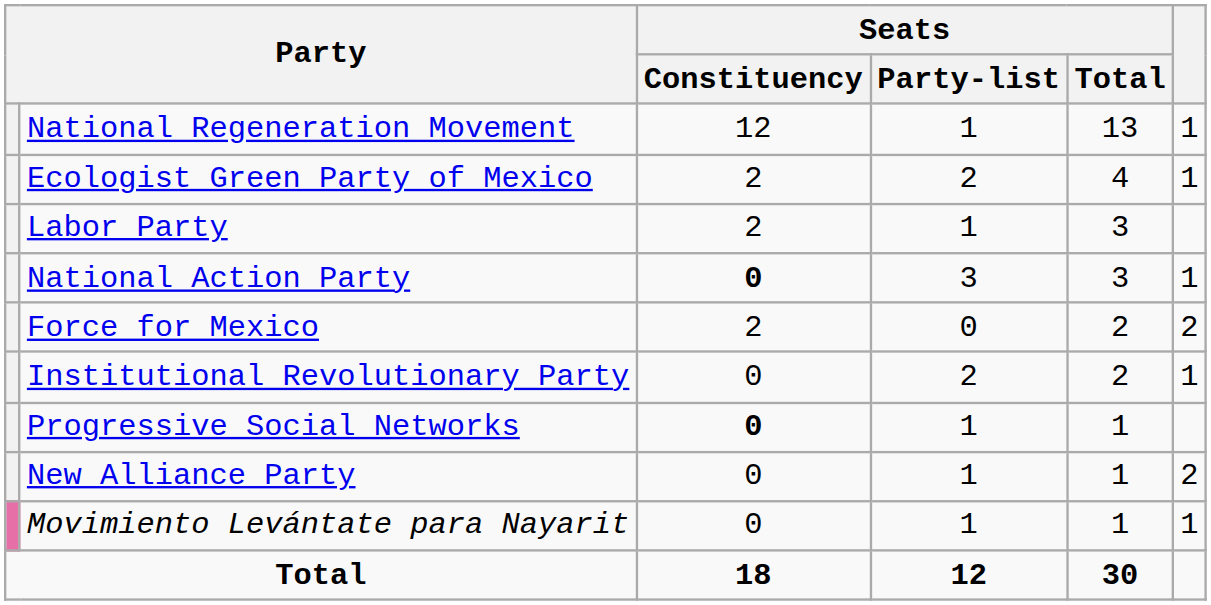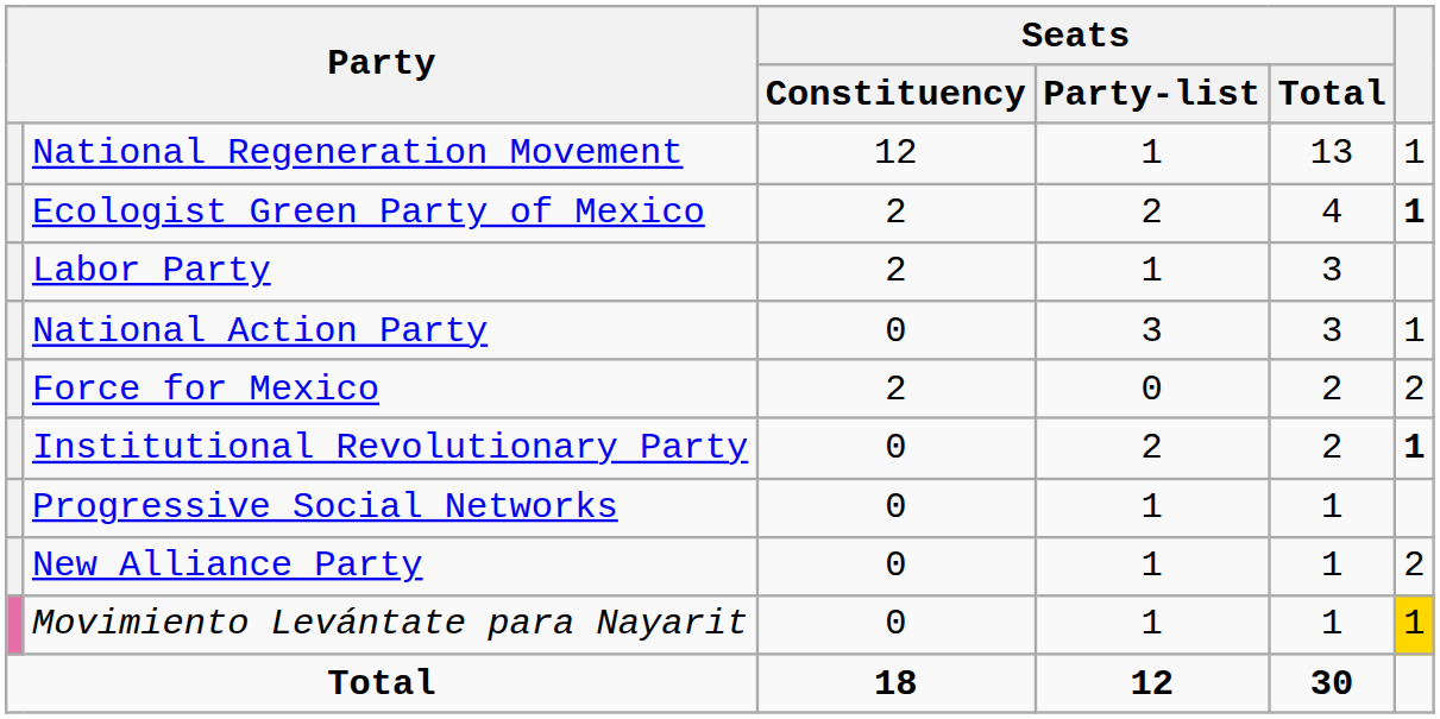 <table class="wikitable" style="text-align:center;">
 <tr>
 <th colspan="2" rowspan="2">Party</th>
 <th colspan="3">Seats</th>
 <th rowspan="2"></th>
 </tr>
 <tr>
 <th style="width:3em"><strong>Constituency</strong></th>
 <th>Party-list</th>
 <th>Total</th>
 </tr>
 <tr>
 <th style="background-color:"></th>
 <td style="text-align:left;"><a href='#'>National Regeneration Movement</a></td>
 <td>12</td>
 <td>1</td>
 <td>13</td>
 <td> 1</td>
 </tr>
 <tr>
 <th style="background-color:"></th>
 <td style="text-align:left;"><a href='#'>Ecologist Green Party of Mexico</a></td>
 <td>2</td>
 <td>2</td>
 <td>4</td>
-<td> 1</td>
+<td><strong> 1</strong></td>
 </tr>
 <tr>
 <th style="background-color:"></th>
 <td style="text-align:left;"><a href='#'>Labor Party</a></td>
 <td>2</td>
 <td>1</td>
 <td>3</td>
 <td></td>
 </tr>
 <tr>
 <th style="background-color:"></th>
 <td style="text-align:left;"><a href='#'>National Action Party</a></td>
-<td><strong>0</strong></td>
+<td>0</td>
 <td>3</td>
 <td>3</td>
 <td> 1</td>
 </tr>
 <tr>
 <th style="background-color:"></th>
 <td style="text-align:left;"><a href='#'>Force for Mexico</a></td>
 <td>2</td>
 <td>0</td>
 <td>2</td>
 <td> 2</td>
 </tr>
 <tr>
 <th style="background-color:"></th>
 <td style="text-align:left;"><a href='#'>Institutional Revolutionary Party</a></td>
 <td>0</td>
 <td>2</td>
 <td>2</td>
-<td> 1</td>
+<td><strong> 1</strong></td>
 </tr>
 <tr>
 <th style="background-color:"></th>
 <td style="text-align:left;"><a href='#'>Progressive Social Networks</a></td>
-<td><strong>0</strong></td>
+<td>0</td>
 <td>1</td>
 <td>1</td>
 <td></td>
 </tr>
 <tr>
 <th style="background-color:"></th>
 <td style="text-align:left;"><a href='#'>New Alliance Party</a></td>
 <td>0</td>
 <td>1</td>
 <td>1</td>
 <td> 2</td>
 </tr>
 <tr>
 <th style="background-color:#e66fa7;"></th>
 <td style="text-align:left;"><em>Movimiento Levántate para Nayarit</em></td>
 <td>0</td>
 <td>1</td>
 <td>1</td>
-<td> 1</td>
+<td style="background: gold;"> 1</td>
 </tr>
 <tr>
 <td colspan="2"><strong>Total</strong></td>
 <td><strong>18</strong></td>
 <td><strong>12</strong></td>
 <td><strong>30</strong></td>
 <td></td>
 </tr>
 </table>
